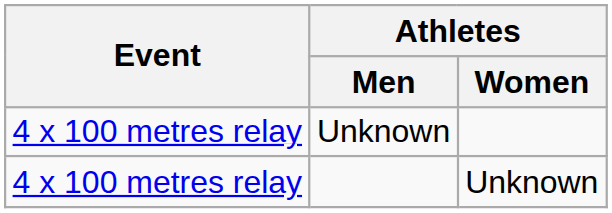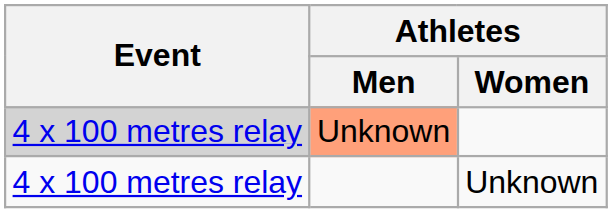 <table class=wikitable style="font-size:90%">
 <tr>
 <th rowspan=2>Event</th>
 <th colspan=2>Athletes</th>
 </tr>
 <tr>
 <th>Men</th>
 <th>Women</th>
 </tr>
 <tr>
-<td><a href='#'>4 x 100 metres relay</a></td>
-<td>Unknown</td>
+<td style="background: lightgrey;"><a href='#'>4 x 100 metres relay</a></td>
+<td style="background: lightsalmon;">Unknown</td>
 <td></td>
 </tr>
 <tr>
 <td><a href='#'>4 x 100 metres relay</a></td>
 <td></td>
 <td>Unknown</td>
 </tr>
 </table>
